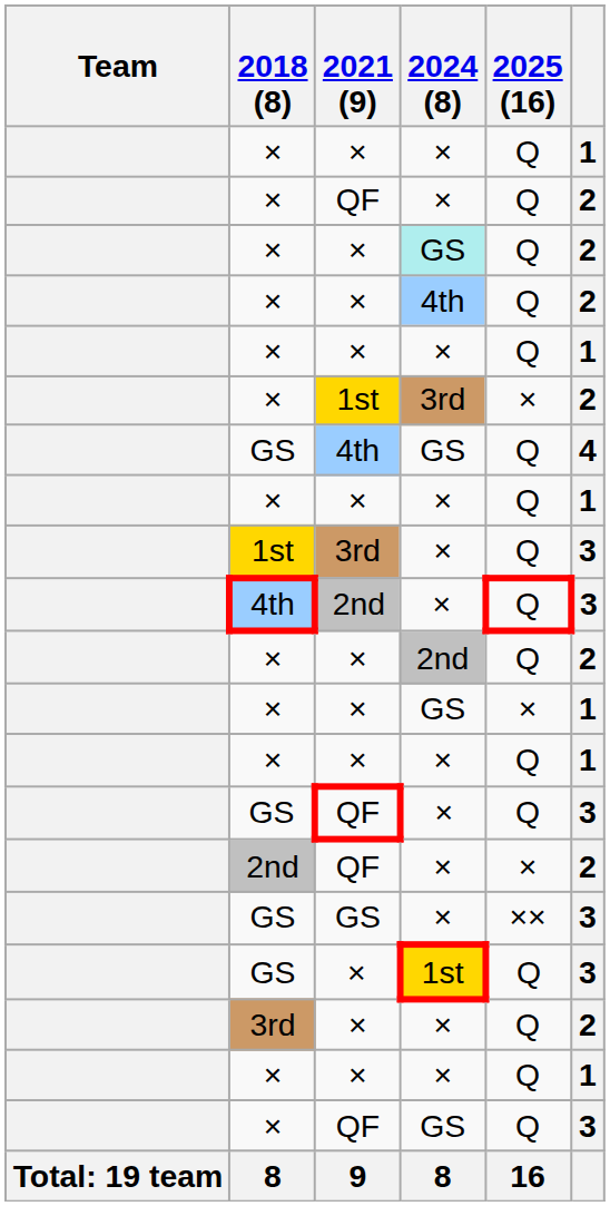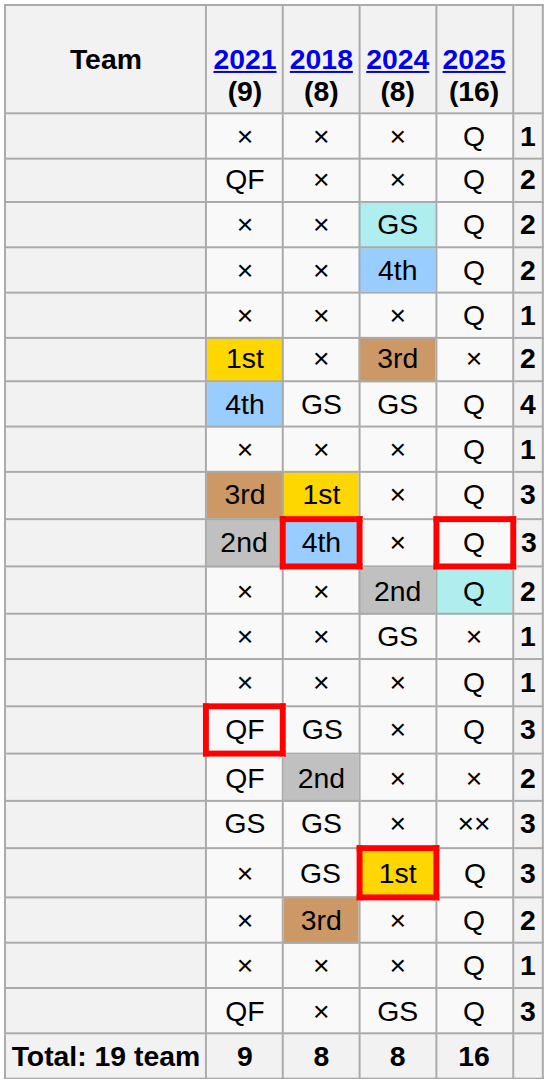 <table class="wikitable plainrowheaders" style="text-align:center; font-size:90%;">
 <tr>
 <th>Team</th>
+<th><br><a href='#'>2021</a><br>(9)</th>
 <th><br><a href='#'>2018</a><br>(8)</th>
-<th><br><a href='#'>2021</a><br>(9)</th>
 <th><br><a href='#'>2024</a><br>(8)</th>
 <th><br><a href='#'>2025</a><br>(16)</th>
 <th></th>
 </tr>
 <tr>
 <th scope="row"></th>
 <td>×</td>
 <td>×</td>
 <td>×</td>
 <td>Q</td>
 <th>1</th>
 </tr>
 <tr>
 <th scope="row"></th>
+<td>QF</td>
 <td>×</td>
-<td>QF</td>
 <td>×</td>
 <td>Q</td>
 <th>2</th>
 </tr>
 <tr>
 <th scope="row"></th>
 <td>×</td>
 <td>×</td>
 <td style="background: paleturquoise;">GS</td>
 <td>Q</td>
 <th>2</th>
 </tr>
 <tr>
 <th scope="row"></th>
 <td>×</td>
 <td>×</td>
 <td bgcolor=9acdff>4th</td>
 <td>Q</td>
 <th>2</th>
 </tr>
 <tr>
 <th scope="row"></th>
 <td>×</td>
 <td>×</td>
 <td>×</td>
 <td>Q</td>
 <th>1</th>
 </tr>
 <tr>
 <th scope="row"></th>
+<td bgcolor=Gold>1st</td>
 <td>×</td>
-<td bgcolor=Gold>1st</td>
 <td bgcolor=cc9966>3rd</td>
 <td>×</td>
 <th>2</th>
 </tr>
 <tr>
 <th scope="row"></th>
+<td bgcolor=9acdff>4th</td>
 <td>GS</td>
-<td bgcolor=9acdff>4th</td>
 <td>GS</td>
 <td>Q</td>
 <th>4</th>
 </tr>
 <tr>
 <th scope="row"></th>
 <td>×</td>
 <td>×</td>
 <td>×</td>
 <td>Q</td>
 <th>1</th>
 </tr>
 <tr>
 <th scope="row"></th>
+<td bgcolor=cc9966>3rd</td>
 <td bgcolor=Gold>1st</td>
-<td bgcolor=cc9966>3rd</td>
 <td>×</td>
 <td>Q</td>
 <th>3</th>
 </tr>
 <tr>
 <th scope="row"></th>
+<td bgcolor=Silver>2nd</td>
 <td style="border: 3px solid red" bgcolor=9acdff>4th</td>
-<td bgcolor=Silver>2nd</td>
 <td>×</td>
 <td style="border: 3px solid red">Q</td>
 <th>3</th>
 </tr>
 <tr>
 <th scope="row"></th>
 <td>×</td>
 <td>×</td>
 <td bgcolor=Silver>2nd</td>
-<td>Q</td>
+<td style="background: paleturquoise;">Q</td>
 <th>2</th>
 </tr>
 <tr>
 <th scope="row"></th>
 <td>×</td>
 <td>×</td>
 <td>GS</td>
 <td>×</td>
 <th>1</th>
 </tr>
 <tr>
 <th scope="row"></th>
 <td>×</td>
 <td>×</td>
 <td>×</td>
 <td>Q</td>
 <th>1</th>
 </tr>
 <tr>
 <th scope="row"></th>
+<td style="border: 3px solid red">QF</td>
 <td>GS</td>
-<td style="border: 3px solid red">QF</td>
 <td>×</td>
 <td>Q</td>
 <th>3</th>
 </tr>
 <tr>
 <th scope="row"></th>
+<td>QF</td>
 <td bgcolor=Silver>2nd</td>
-<td>QF</td>
 <td>×</td>
 <td>×</td>
 <th>2</th>
 </tr>
 <tr>
 <th scope="row"></th>
 <td>GS</td>
 <td>GS</td>
 <td>×</td>
 <td>××</td>
 <th>3</th>
 </tr>
 <tr>
 <th scope="row"></th>
+<td>×</td>
 <td>GS</td>
-<td>×</td>
 <td style="border: 3px solid red" bgcolor=Gold>1st</td>
 <td>Q</td>
 <th>3</th>
 </tr>
 <tr>
 <th scope="row"></th>
+<td>×</td>
 <td bgcolor=cc9966>3rd</td>
-<td>×</td>
 <td>×</td>
 <td>Q</td>
 <th>2</th>
 </tr>
 <tr>
 <th scope="row"></th>
 <td>×</td>
 <td>×</td>
 <td>×</td>
 <td>Q</td>
 <th>1</th>
 </tr>
 <tr>
 <th scope="row"></th>
+<td>QF</td>
 <td>×</td>
-<td>QF</td>
 <td>GS</td>
 <td>Q</td>
 <th>3</th>
 </tr>
 <tr>
 <th>Total: 19 team</th>
+<th>9</th>
 <th>8</th>
-<th>9</th>
 <th>8</th>
 <th>16</th>
 <th></th>
 </tr>
 </table>
